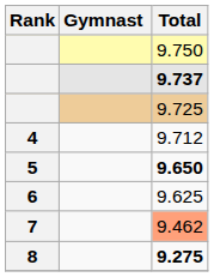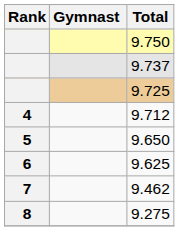 <table class="wikitable sortable" style="text-align:center; font-size:95%">
 <tr>
 <th scope=col>Rank</th>
 <th scope=col>Gymnast </th>
 <th scope=col>Total</th>
 </tr>
 <tr bgcolor=fffcaf>
 <th scope=row style="text-align:center"></th>
 <td align=left> </td>
 <td>9.750</td>
 </tr>
 <tr bgcolor=e5e5e5>
 <th scope=row style="text-align:center"></th>
 <td align=left> </td>
-<td><strong>9.737</strong></td>
+<td>9.737</td>
 </tr>
 <tr bgcolor=eecc99>
 <th scope=row style="text-align:center"></th>
 <td align=left> </td>
 <td>9.725</td>
 </tr>
 <tr>
 <th scope=row style="text-align:center">4</th>
 <td align=left> </td>
 <td>9.712</td>
 </tr>
 <tr>
 <th scope=row style="text-align:center">5</th>
 <td align=left> </td>
-<td><strong>9.650</strong></td>
+<td>9.650</td>
 </tr>
 <tr>
 <th scope=row style="text-align:center">6</th>
 <td align=left> </td>
 <td>9.625</td>
 </tr>
 <tr>
 <th scope=row style="text-align:center">7</th>
 <td align=left> </td>
-<td style="background: lightsalmon;">9.462</td>
+<td>9.462</td>
 </tr>
 <tr>
 <th scope=row style="text-align:center">8</th>
 <td align=left> </td>
-<td><strong>9.275</strong></td>
+<td>9.275</td>
 </tr>
 <tr>
 </tr>
 </table>
